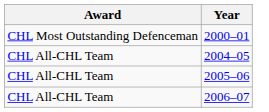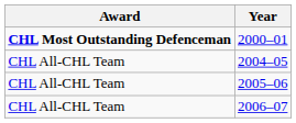 <table class="wikitable">
 <tr>
 <th>Award</th>
 <th>Year</th>
 </tr>
 <tr>
-<td><a href='#'>CHL</a> Most Outstanding Defenceman</td>
+<td><strong><a href='#'>CHL</a> Most Outstanding Defenceman</strong></td>
 <td><a href='#'>2000–01</a></td>
 </tr>
 <tr>
 <td><a href='#'>CHL</a> All-CHL Team</td>
 <td><a href='#'>2004–05</a></td>
 </tr>
 <tr>
 <td><a href='#'>CHL</a> All-CHL Team</td>
 <td><a href='#'>2005–06</a></td>
 </tr>
 <tr>
 <td><a href='#'>CHL</a> All-CHL Team</td>
 <td><a href='#'>2006–07</a></td>
 </tr>
 </table>
